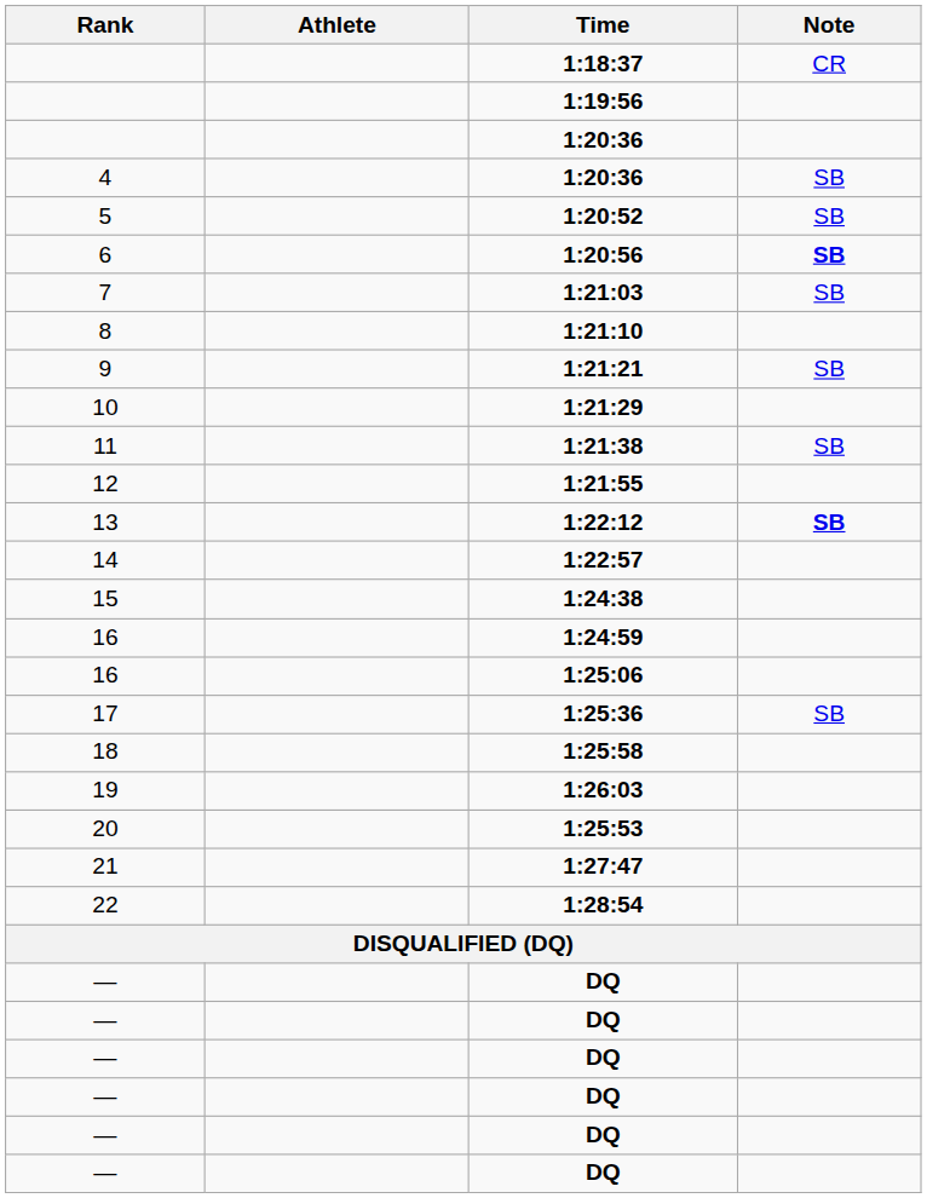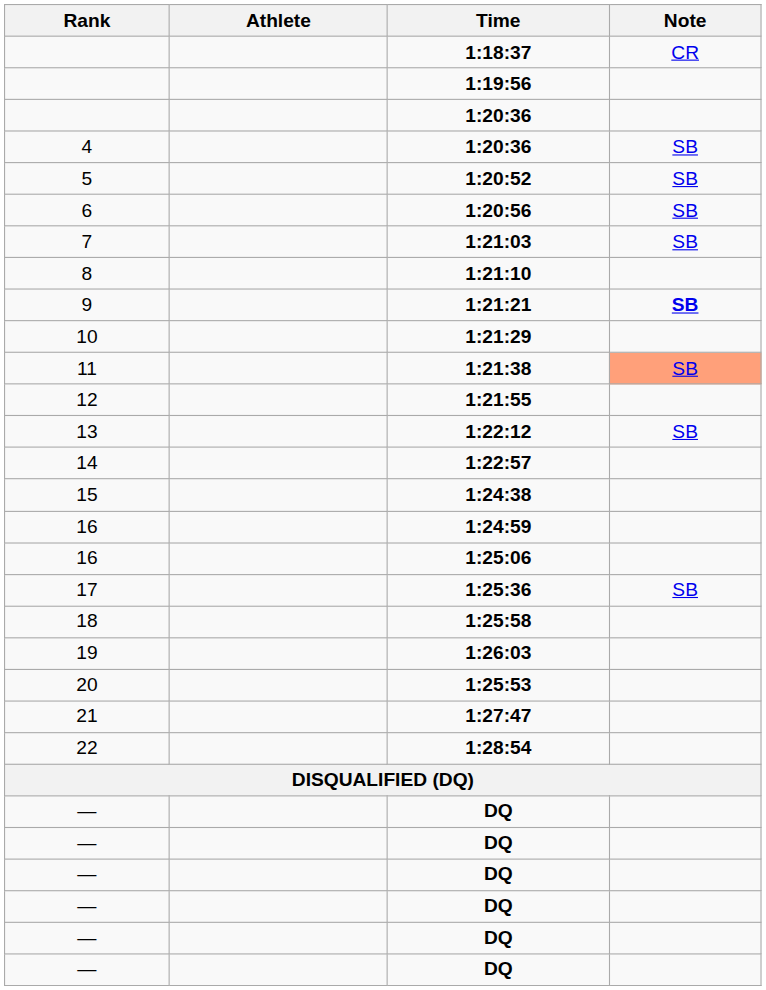 <table class="wikitable" style=" text-align:center; font-size:110%;" width="55%">
 <tr>
 <th>Rank</th>
 <th>Athlete</th>
 <th>Time</th>
 <th>Note</th>
 </tr>
 <tr>
 <td></td>
 <td align=left></td>
 <td><strong>1:18:37</strong></td>
 <td><a href='#'>CR</a></td>
 </tr>
 <tr>
 <td></td>
 <td align=left></td>
 <td><strong>1:19:56</strong></td>
 <td></td>
 </tr>
 <tr>
 <td></td>
 <td align=left></td>
 <td><strong>1:20:36</strong></td>
 <td></td>
 </tr>
 <tr>
 <td>4</td>
 <td align=left></td>
 <td><strong>1:20:36</strong></td>
 <td><a href='#'>SB</a></td>
 </tr>
 <tr>
 <td>5</td>
 <td align=left></td>
 <td><strong>1:20:52</strong></td>
 <td><a href='#'>SB</a></td>
 </tr>
 <tr>
 <td>6</td>
 <td align=left></td>
 <td><strong>1:20:56</strong></td>
-<td><strong><a href='#'>SB</a></strong></td>
+<td><a href='#'>SB</a></td>
 </tr>
 <tr>
 <td>7</td>
 <td align=left></td>
 <td><strong>1:21:03</strong></td>
 <td><a href='#'>SB</a></td>
 </tr>
 <tr>
 <td>8</td>
 <td align=left></td>
 <td><strong>1:21:10</strong></td>
 <td></td>
 </tr>
 <tr>
 <td>9</td>
 <td align=left></td>
 <td><strong>1:21:21</strong></td>
-<td><a href='#'>SB</a></td>
+<td><strong><a href='#'>SB</a></strong></td>
 </tr>
 <tr>
 <td>10</td>
 <td align=left></td>
 <td><strong>1:21:29</strong></td>
 <td></td>
 </tr>
 <tr>
 <td>11</td>
 <td align=left></td>
 <td><strong>1:21:38</strong></td>
-<td><a href='#'>SB</a></td>
+<td style="background: lightsalmon;"><a href='#'>SB</a></td>
 </tr>
 <tr>
 <td>12</td>
 <td align=left></td>
 <td><strong>1:21:55</strong></td>
 <td></td>
 </tr>
 <tr>
 <td>13</td>
 <td align=left></td>
 <td><strong>1:22:12</strong></td>
-<td><strong><a href='#'>SB</a></strong></td>
+<td><a href='#'>SB</a></td>
 </tr>
 <tr>
 <td>14</td>
 <td align=left></td>
 <td><strong>1:22:57</strong></td>
 <td></td>
 </tr>
 <tr>
 <td>15</td>
 <td align=left></td>
 <td><strong>1:24:38</strong></td>
 <td></td>
 </tr>
 <tr>
 <td>16</td>
 <td align=left></td>
 <td><strong>1:24:59</strong></td>
 <td></td>
 </tr>
 <tr>
 <td>16</td>
 <td align=left></td>
 <td><strong>1:25:06</strong></td>
 <td></td>
 </tr>
 <tr>
 <td>17</td>
 <td align=left></td>
 <td><strong>1:25:36</strong></td>
 <td><a href='#'>SB</a></td>
 </tr>
 <tr>
 <td>18</td>
 <td align=left></td>
 <td><strong>1:25:58</strong></td>
 <td></td>
 </tr>
 <tr>
 <td>19</td>
 <td align=left></td>
 <td><strong>1:26:03</strong></td>
 <td></td>
 </tr>
 <tr>
 <td>20</td>
 <td align=left></td>
 <td><strong>1:25:53</strong></td>
 <td></td>
 </tr>
 <tr>
 <td>21</td>
 <td align=left></td>
 <td><strong>1:27:47</strong></td>
 <td></td>
 </tr>
 <tr>
 <td>22</td>
 <td align=left></td>
 <td><strong>1:28:54</strong></td>
 <td></td>
 </tr>
 <tr>
 <th colspan="4">DISQUALIFIED (DQ)</th>
 </tr>
 <tr>
 <td>—</td>
 <td align=left></td>
 <td><strong>DQ </strong></td>
 <td></td>
 </tr>
 <tr>
 <td>—</td>
 <td align=left></td>
 <td><strong>DQ </strong></td>
 <td></td>
 </tr>
 <tr>
 <td>—</td>
 <td align=left></td>
 <td><strong>DQ </strong></td>
 <td></td>
 </tr>
 <tr>
 <td>—</td>
 <td align=left></td>
 <td><strong>DQ </strong></td>
 <td></td>
 </tr>
 <tr>
 <td>—</td>
 <td align=left></td>
 <td><strong>DQ </strong></td>
 <td></td>
 </tr>
 <tr>
 <td>—</td>
 <td align=left></td>
 <td><strong>DQ </strong></td>
 <td></td>
 </tr>
 </table>
